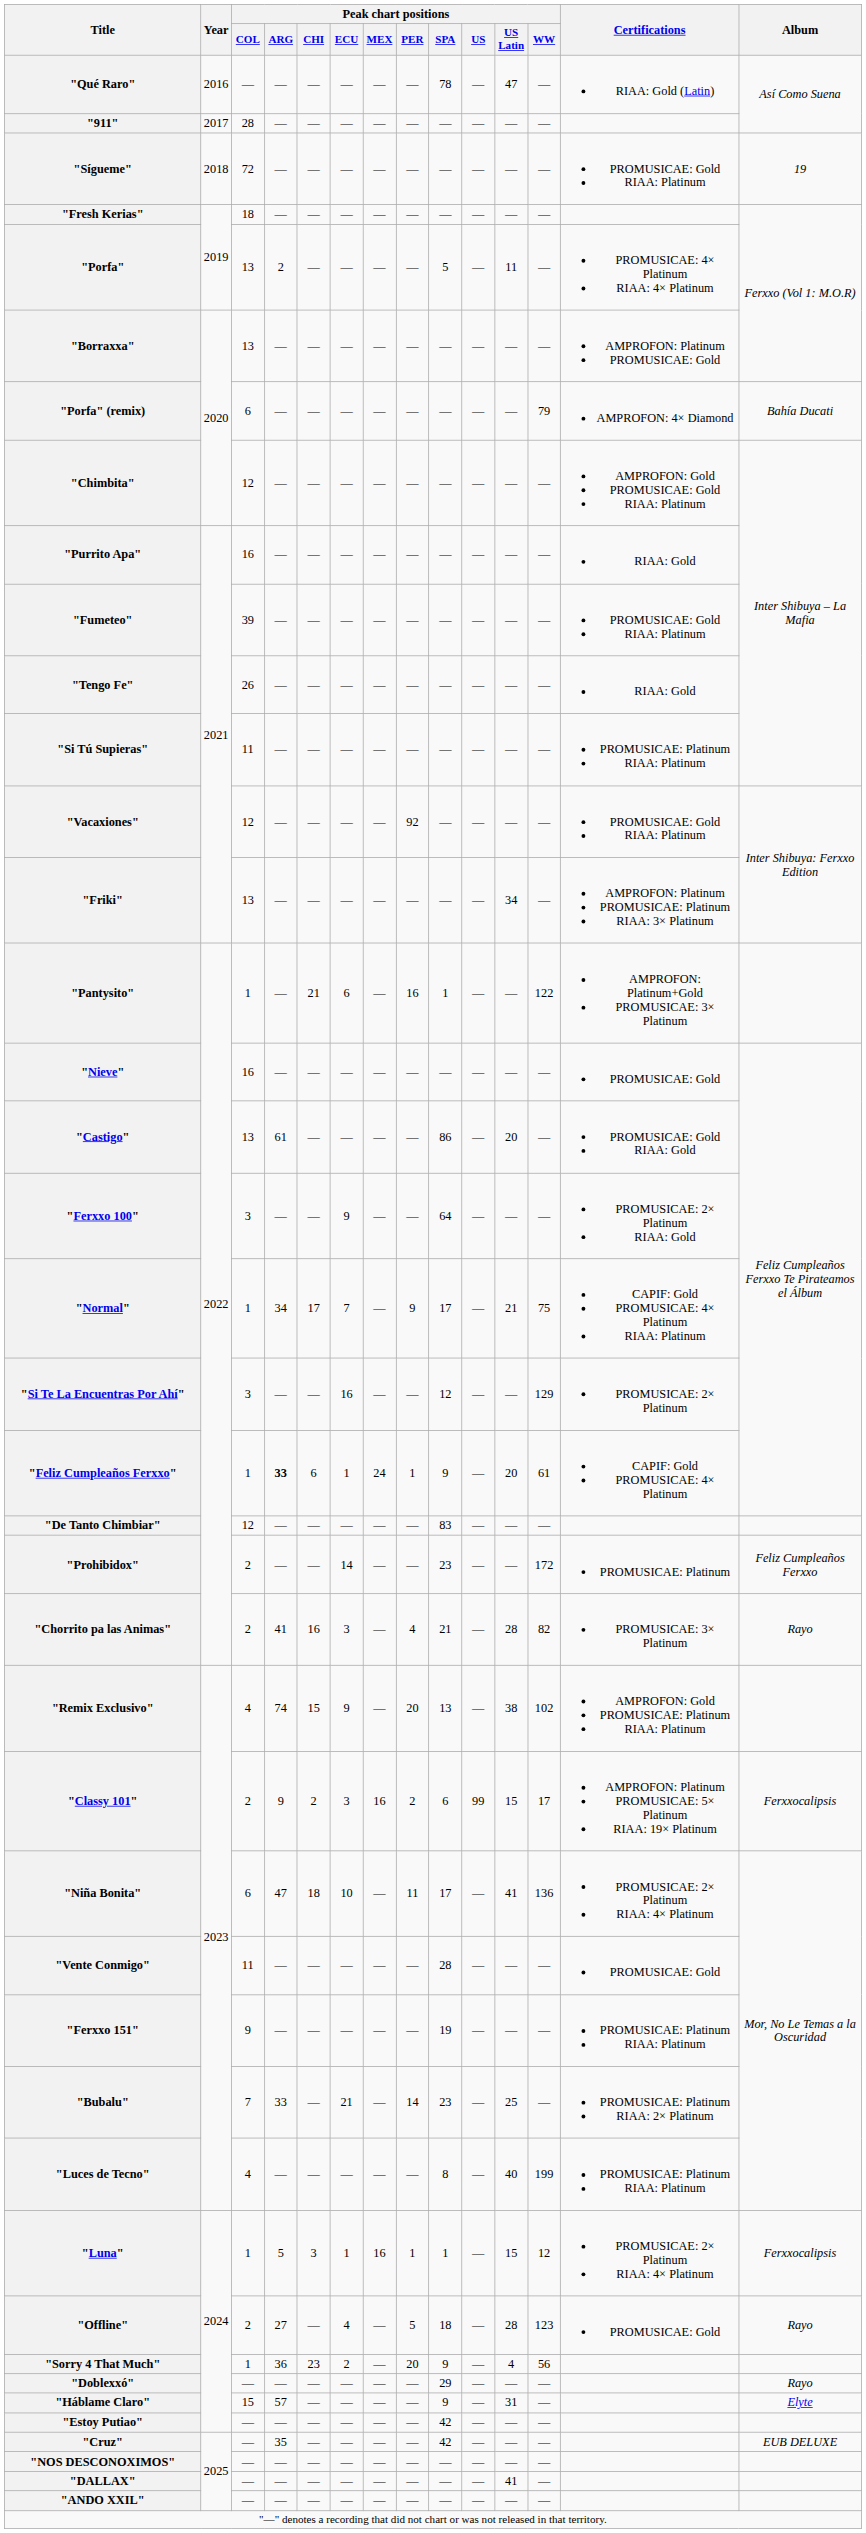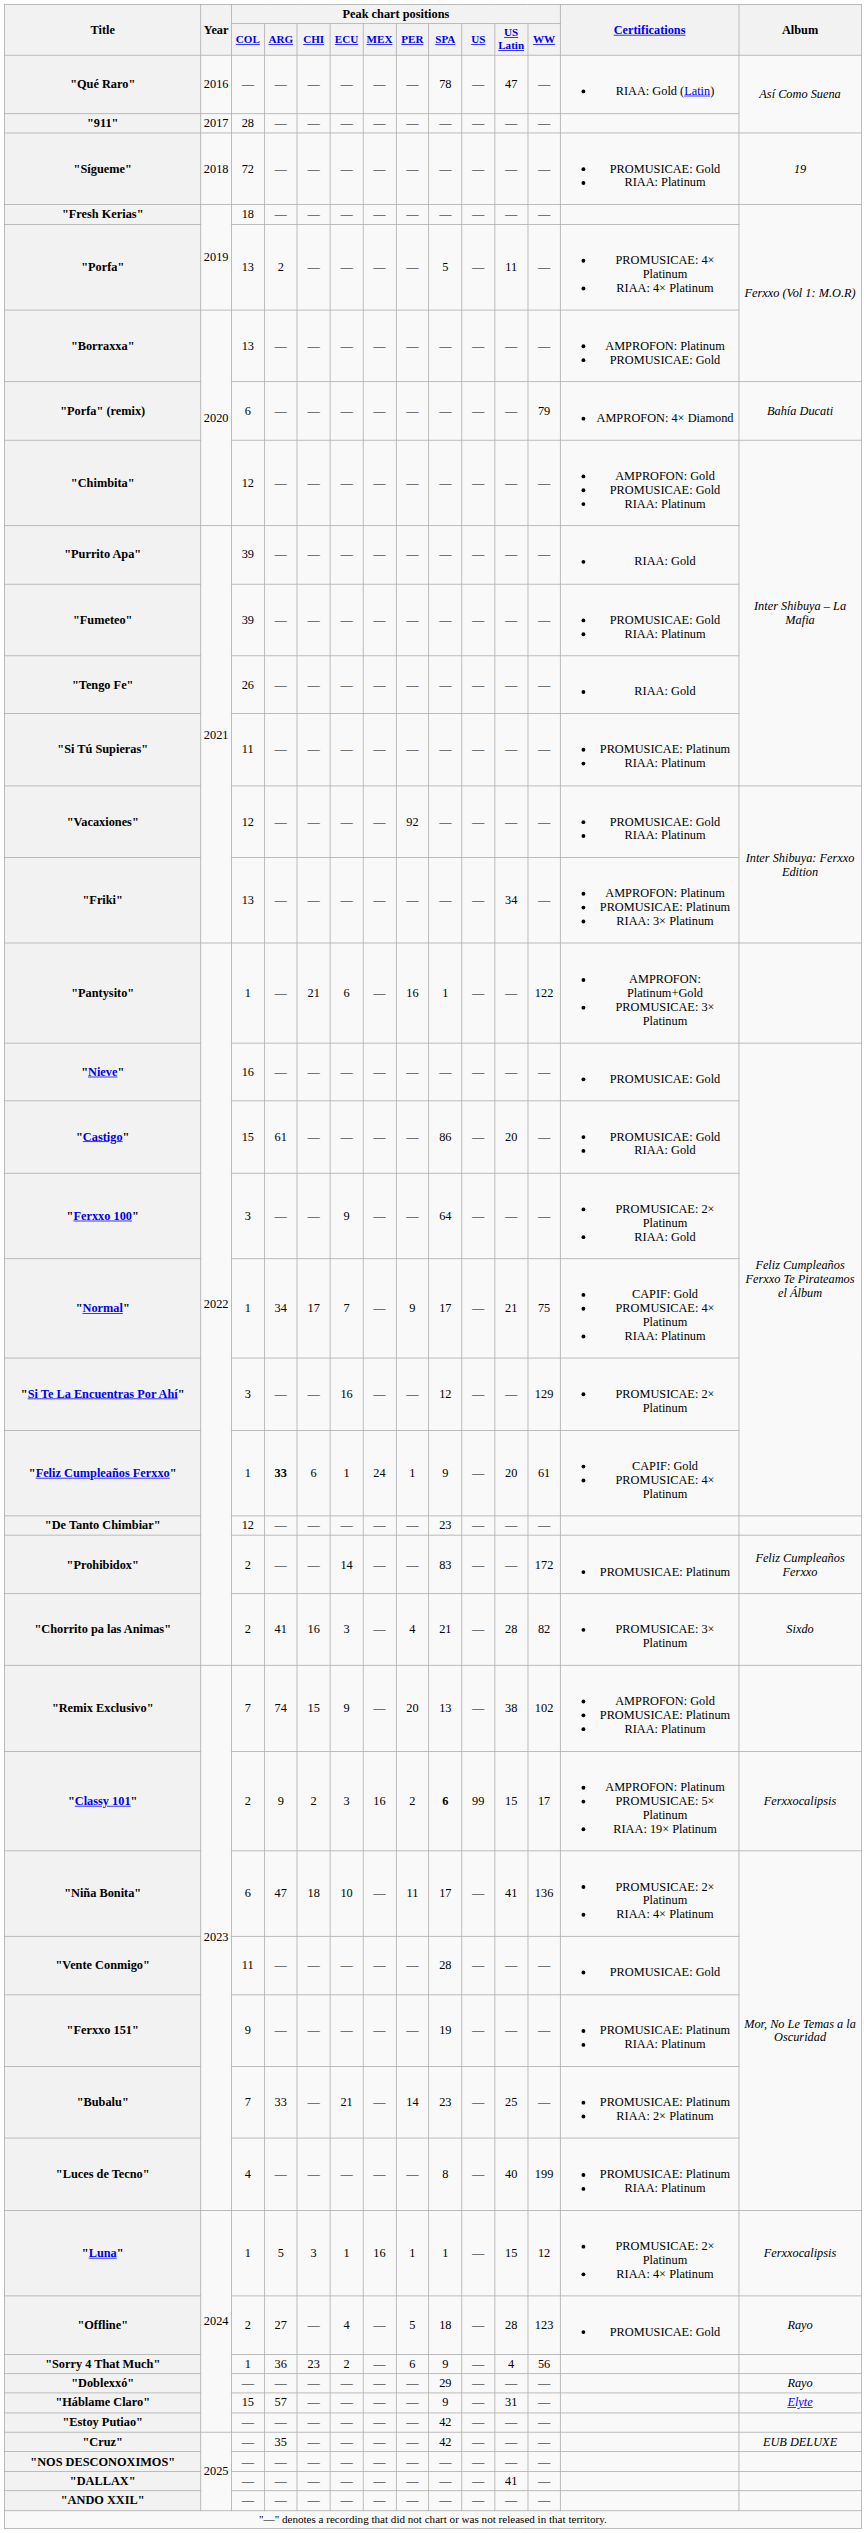 <table class="wikitable plainrowheaders" style="text-align:center;">
 <tr>
 <th scope="col" rowspan="2" style="width:15.5em;">Title</th>
 <th scope="col" rowspan="2" style="width:1em;">Year</th>
 <th scope="col" colspan="10">Peak chart positions</th>
 <th scope="col" rowspan="2" style="width:14em;"><a href='#'>Certifications</a></th>
 <th scope="col" rowspan="2" style="width:9.5em;">Album</th>
 </tr>
 <tr>
 <th scope="col" style="width:2.5em;font-size:90%;"><a href='#'>COL</a><br></th>
 <th scope="col" style="width:2.5em;font-size:90%;"><a href='#'>ARG</a><br></th>
 <th scope="col" style="width:2.5em;font-size:90%;"><a href='#'>CHI</a><br></th>
 <th scope="col" style="width:2.5em;font-size:90%;"><a href='#'>ECU</a><br></th>
 <th scope="col" style="width:2.5em;font-size:90%;"><a href='#'>MEX</a><br></th>
 <th scope="col" style="width:2.5em;font-size:90%;"><a href='#'>PER</a><br></th>
 <th scope="col" style="width:2.5em;font-size:90%;"><a href='#'>SPA</a><br></th>
 <th scope="col" style="width:2.5em;font-size:90%;"><a href='#'>US</a><br></th>
 <th scope="col" style="width:2.5em;font-size:90%;"><a href='#'>US<br>Latin</a><br></th>
 <th scope="col" style="width:2.5em;font-size:90%;"><a href='#'>WW</a><br></th>
 </tr>
 <tr>
 <th scope="row">"Qué Raro"<br></th>
 <td>2016</td>
 <td>—</td>
 <td>—</td>
 <td>—</td>
 <td>—</td>
 <td>—</td>
 <td>—</td>
 <td>78</td>
 <td>—</td>
 <td>47</td>
 <td>—</td>
 <td><br><ul><li>RIAA: Gold <span>(<a href='#'>Latin</a>)</span></li></ul></td>
 <td rowspan=2><em>Así Como Suena</em></td>
 </tr>
 <tr>
 <th scope="row">"911"<br></th>
 <td>2017</td>
 <td>28</td>
 <td>—</td>
 <td>—</td>
 <td>—</td>
 <td>—</td>
 <td>—</td>
 <td>—</td>
 <td>—</td>
 <td>—</td>
 <td>—</td>
 <td></td>
 </tr>
 <tr>
 <th scope="row">"Sígueme"<br></th>
 <td>2018</td>
 <td>72</td>
 <td>—</td>
 <td>—</td>
 <td>—</td>
 <td>—</td>
 <td>—</td>
 <td>—</td>
 <td>—</td>
 <td>—</td>
 <td>—</td>
 <td><br><ul><li>PROMUSICAE: Gold</li><li>RIAA: Platinum </li></ul></td>
 <td><em>19</em></td>
 </tr>
 <tr>
 <th scope="row">"Fresh Kerias"<br></th>
 <td rowspan="2">2019</td>
 <td>18</td>
 <td>—</td>
 <td>—</td>
 <td>—</td>
 <td>—</td>
 <td>—</td>
 <td>—</td>
 <td>—</td>
 <td>—</td>
 <td>—</td>
 <td></td>
 <td rowspan="3"><em>Ferxxo (Vol 1: M.O.R)</em></td>
 </tr>
 <tr>
 <th scope="row">"Porfa"<br></th>
 <td>13</td>
 <td>2</td>
 <td>—</td>
 <td>—</td>
 <td>—</td>
 <td>—</td>
 <td>5</td>
 <td>—</td>
 <td>11</td>
 <td>—</td>
 <td><br><ul><li>PROMUSICAE: 4× Platinum</li><li>RIAA: 4× Platinum </li></ul></td>
 </tr>
 <tr>
 <th scope="row">"Borraxxa"<br></th>
 <td rowspan="3">2020</td>
 <td>13</td>
 <td>—</td>
 <td>—</td>
 <td>—</td>
 <td>—</td>
 <td>—</td>
 <td>—</td>
 <td>—</td>
 <td>—</td>
 <td>—</td>
 <td><br><ul><li>AMPROFON: Platinum</li><li>PROMUSICAE: Gold</li></ul></td>
 </tr>
 <tr>
 <th scope="row">"Porfa" (remix)<br></th>
 <td>6</td>
 <td>—</td>
 <td>—</td>
 <td>—</td>
 <td>—</td>
 <td>—</td>
 <td>—</td>
 <td>—</td>
 <td>—</td>
 <td>79</td>
 <td><br><ul><li>AMPROFON: 4× Diamond</li></ul></td>
 <td><em>Bahía Ducati</em></td>
 </tr>
 <tr>
 <th scope="row">"Chimbita"<br></th>
 <td>12</td>
 <td>—</td>
 <td>—</td>
 <td>—</td>
 <td>—</td>
 <td>—</td>
 <td>—</td>
 <td>—</td>
 <td>—</td>
 <td>—</td>
 <td><br><ul><li>AMPROFON: Gold</li><li>PROMUSICAE: Gold</li><li>RIAA: Platinum </li></ul></td>
 <td rowspan="5"><em>Inter Shibuya – La Mafia</em></td>
 </tr>
 <tr>
 <th scope="row">"Purrito Apa"<br></th>
 <td rowspan="6">2021</td>
-<td>16</td>
+<td>39</td>
 <td>—</td>
 <td>—</td>
 <td>—</td>
 <td>—</td>
 <td>—</td>
 <td>—</td>
 <td>—</td>
 <td>—</td>
 <td>—</td>
 <td><br><ul><li>RIAA: Gold </li></ul></td>
 </tr>
 <tr>
 <th scope="row">"Fumeteo"</th>
 <td>39</td>
 <td>—</td>
 <td>—</td>
 <td>—</td>
 <td>—</td>
 <td>—</td>
 <td>—</td>
 <td>—</td>
 <td>—</td>
 <td>—</td>
 <td><br><ul><li>PROMUSICAE: Gold</li><li>RIAA: Platinum </li></ul></td>
 </tr>
 <tr>
 <th scope="row">"Tengo Fe"</th>
 <td>26</td>
 <td>—</td>
 <td>—</td>
 <td>—</td>
 <td>—</td>
 <td>—</td>
 <td>—</td>
 <td>—</td>
 <td>—</td>
 <td>—</td>
 <td><br><ul><li>RIAA: Gold </li></ul></td>
 </tr>
 <tr>
 <th scope="row">"Si Tú Supieras"</th>
 <td>11</td>
 <td>—</td>
 <td>—</td>
 <td>—</td>
 <td>—</td>
 <td>—</td>
 <td>—</td>
 <td>—</td>
 <td>—</td>
 <td>—</td>
 <td><br><ul><li>PROMUSICAE: Platinum</li><li>RIAA: Platinum </li></ul></td>
 </tr>
 <tr>
 <th scope="row">"Vacaxiones"</th>
 <td>12</td>
 <td>—</td>
 <td>—</td>
 <td>—</td>
 <td>—</td>
 <td>92</td>
 <td>—</td>
 <td>—</td>
 <td>—</td>
 <td>—</td>
 <td><br><ul><li>PROMUSICAE: Gold</li><li>RIAA: Platinum </li></ul></td>
 <td rowspan="2"><em>Inter Shibuya: Ferxxo Edition</em></td>
 </tr>
 <tr>
 <th scope="row">"Friki"<br></th>
 <td>13</td>
 <td>—</td>
 <td>—</td>
 <td>—</td>
 <td>—</td>
 <td>—</td>
 <td>—</td>
 <td>—</td>
 <td>34</td>
 <td>—</td>
 <td><br><ul><li>AMPROFON: Platinum</li><li>PROMUSICAE: Platinum</li><li>RIAA: 3× Platinum </li></ul></td>
 </tr>
 <tr>
 <th scope="row">"Pantysito"<br></th>
 <td rowspan="10">2022</td>
 <td>1</td>
 <td>—</td>
 <td>21</td>
 <td>6</td>
 <td>—</td>
 <td>16</td>
 <td>1</td>
 <td>—</td>
 <td>—</td>
 <td>122</td>
 <td><br><ul><li>AMPROFON: Platinum+Gold</li><li>PROMUSICAE: 3× Platinum</li></ul></td>
 <td></td>
 </tr>
 <tr>
 <th scope="row">"<a href='#'>Nieve</a>"</th>
 <td>16</td>
 <td>—</td>
 <td>—</td>
 <td>—</td>
 <td>—</td>
 <td>—</td>
 <td>—</td>
 <td>—</td>
 <td>—</td>
 <td>—</td>
 <td><br><ul><li>PROMUSICAE: Gold</li></ul></td>
 <td rowspan="6"><em>Feliz Cumpleaños Ferxxo Te Pirateamos el Álbum</em></td>
 </tr>
 <tr>
 <th scope="row">"<a href='#'>Castigo</a>"</th>
-<td>13</td>
+<td>15</td>
 <td>61</td>
 <td>—</td>
 <td>—</td>
 <td>—</td>
 <td>—</td>
 <td>86</td>
 <td>—</td>
 <td>20</td>
 <td>—</td>
 <td><br><ul><li>PROMUSICAE: Gold</li><li>RIAA: Gold </li></ul></td>
 </tr>
 <tr>
 <th scope="row">"<a href='#'>Ferxxo 100</a>"</th>
 <td>3</td>
 <td>—</td>
 <td>—</td>
 <td>9</td>
 <td>—</td>
 <td>—</td>
 <td>64</td>
 <td>—</td>
 <td>—</td>
 <td>—</td>
 <td><br><ul><li>PROMUSICAE: 2× Platinum</li><li>RIAA: Gold </li></ul></td>
 </tr>
 <tr>
 <th scope="row">"<a href='#'>Normal</a>"</th>
 <td>1</td>
 <td>34</td>
 <td>17</td>
 <td>7</td>
 <td>—</td>
 <td>9</td>
 <td>17</td>
 <td>—</td>
 <td>21</td>
 <td>75</td>
 <td><br><ul><li>CAPIF: Gold</li><li>PROMUSICAE: 4× Platinum</li><li>RIAA: Platinum </li></ul></td>
 </tr>
 <tr>
 <th scope="row">"<a href='#'>Si Te La Encuentras Por Ahí</a>"</th>
 <td>3</td>
 <td>—</td>
 <td>—</td>
 <td>16</td>
 <td>—</td>
 <td>—</td>
 <td>12</td>
 <td>—</td>
 <td>—</td>
 <td>129</td>
 <td><br><ul><li>PROMUSICAE: 2× Platinum</li></ul></td>
 </tr>
 <tr>
 <th scope="row">"<a href='#'>Feliz Cumpleaños Ferxxo</a>"</th>
 <td>1</td>
 <td><strong>33</strong></td>
 <td>6</td>
 <td>1</td>
 <td>24</td>
 <td>1</td>
 <td>9</td>
 <td>—</td>
 <td>20</td>
 <td>61</td>
 <td><br><ul><li>CAPIF: Gold</li><li>PROMUSICAE: 4× Platinum</li></ul></td>
 </tr>
 <tr>
 <th scope="row">"De Tanto Chimbiar"<br></th>
 <td>12</td>
 <td>—</td>
 <td>—</td>
 <td>—</td>
 <td>—</td>
 <td>—</td>
-<td>83</td>
+<td>23</td>
 <td>—</td>
 <td>—</td>
 <td>—</td>
 <td></td>
 <td></td>
 </tr>
 <tr>
 <th scope="row">"Prohibidox"</th>
 <td>2</td>
 <td>—</td>
 <td>—</td>
 <td>14</td>
 <td>—</td>
 <td>—</td>
-<td>23</td>
+<td>83</td>
 <td>—</td>
 <td>—</td>
 <td>172</td>
 <td><br><ul><li>PROMUSICAE: Platinum</li></ul></td>
 <td><em>Feliz Cumpleaños Ferxxo</em></td>
 </tr>
 <tr>
 <th scope="row">"Chorrito pa las Animas"</th>
 <td>2</td>
 <td>41</td>
 <td>16</td>
 <td>3</td>
 <td>—</td>
 <td>4</td>
 <td>21</td>
 <td>—</td>
 <td>28</td>
 <td>82</td>
 <td><br><ul><li>PROMUSICAE: 3× Platinum</li></ul></td>
-<td><em>Rayo</em></td>
+<td><em>Sixdo</em></td>
 </tr>
 <tr>
 <th scope="row">"Remix Exclusivo"</th>
 <td rowspan="7">2023</td>
-<td>4</td>
+<td>7</td>
 <td>74</td>
 <td>15</td>
 <td>9</td>
 <td>—</td>
 <td>20</td>
 <td>13</td>
 <td>—</td>
 <td>38</td>
 <td>102</td>
 <td><br><ul><li>AMPROFON: Gold</li><li>PROMUSICAE: Platinum</li><li>RIAA: Platinum </li></ul></td>
 <td></td>
 </tr>
 <tr>
 <th scope="row">"<a href='#'>Classy 101</a>"<br></th>
 <td>2</td>
 <td>9</td>
 <td>2</td>
 <td>3</td>
 <td>16</td>
 <td>2</td>
-<td>6</td>
+<td><strong>6</strong></td>
 <td>99</td>
 <td>15</td>
 <td>17</td>
 <td><br><ul><li>AMPROFON: Platinum</li><li>PROMUSICAE: 5× Platinum</li><li>RIAA: 19× Platinum </li></ul></td>
 <td><em>Ferxxocalipsis</em></td>
 </tr>
 <tr>
 <th scope="row">"Niña Bonita"<br></th>
 <td>6</td>
 <td>47</td>
 <td>18</td>
 <td>10</td>
 <td>—</td>
 <td>11</td>
 <td>17</td>
 <td>—</td>
 <td>41</td>
 <td>136</td>
 <td><br><ul><li>PROMUSICAE: 2× Platinum</li><li>RIAA: 4× Platinum </li></ul></td>
 <td rowspan="5"><em>Mor, No Le Temas a la Oscuridad</em></td>
 </tr>
 <tr>
 <th scope="row">"Vente Conmigo"</th>
 <td>11</td>
 <td>—</td>
 <td>—</td>
 <td>—</td>
 <td>—</td>
 <td>—</td>
 <td>28</td>
 <td>—</td>
 <td>—</td>
 <td>—</td>
 <td><br><ul><li>PROMUSICAE: Gold</li></ul></td>
 </tr>
 <tr>
 <th scope="row">"Ferxxo 151"<br></th>
 <td>9</td>
 <td>—</td>
 <td>—</td>
 <td>—</td>
 <td>—</td>
 <td>—</td>
 <td>19</td>
 <td>—</td>
 <td>—</td>
 <td>—</td>
 <td><br><ul><li>PROMUSICAE: Platinum</li><li>RIAA: Platinum </li></ul></td>
 </tr>
 <tr>
 <th scope="row">"Bubalu"<br></th>
 <td>7</td>
 <td>33</td>
 <td>—</td>
 <td>21</td>
 <td>—</td>
 <td>14</td>
 <td>23</td>
 <td>—</td>
 <td>25</td>
 <td>—</td>
 <td><br><ul><li>PROMUSICAE: Platinum</li><li>RIAA: 2× Platinum </li></ul></td>
 </tr>
 <tr>
 <th scope="row">"Luces de Tecno"</th>
 <td>4</td>
 <td>—</td>
 <td>—</td>
 <td>—</td>
 <td>—</td>
 <td>—</td>
 <td>8</td>
 <td>—</td>
 <td>40</td>
 <td>199</td>
 <td><br><ul><li>PROMUSICAE: Platinum</li><li>RIAA: Platinum </li></ul></td>
 </tr>
 <tr>
 <th scope="row">"<a href='#'>Luna</a>"<br></th>
 <td rowspan="6">2024</td>
 <td>1</td>
 <td>5</td>
 <td>3</td>
 <td>1</td>
 <td>16</td>
 <td>1</td>
 <td>1</td>
 <td>—</td>
 <td>15</td>
 <td>12</td>
 <td><br><ul><li>PROMUSICAE: 2× Platinum</li><li>RIAA: 4× Platinum </li></ul></td>
 <td><em>Ferxxocalipsis</em></td>
 </tr>
 <tr>
 <th scope="row">"Offline"<br></th>
 <td>2</td>
 <td>27</td>
 <td>—</td>
 <td>4</td>
 <td>—</td>
 <td>5</td>
 <td>18</td>
 <td>—</td>
 <td>28</td>
 <td>123</td>
 <td><br><ul><li>PROMUSICAE: Gold</li></ul></td>
 <td><em>Rayo</em></td>
 </tr>
 <tr>
 <th scope="row">"Sorry 4 That Much"</th>
 <td>1</td>
 <td>36</td>
 <td>23</td>
 <td>2</td>
 <td>—</td>
-<td>20</td>
+<td>6</td>
 <td>9</td>
 <td>—</td>
 <td>4</td>
 <td>56</td>
 <td></td>
 <td></td>
 </tr>
 <tr>
 <th scope="row">"Doblexxó"<br></th>
 <td>—</td>
 <td>—</td>
 <td>—</td>
 <td>—</td>
 <td>—</td>
 <td>—</td>
 <td>29</td>
 <td>—</td>
 <td>—</td>
 <td>—</td>
 <td></td>
 <td><em>Rayo</em></td>
 </tr>
 <tr>
 <th scope="row">"Háblame Claro"<br></th>
 <td>15</td>
 <td>57</td>
 <td>—</td>
 <td>—</td>
 <td>—</td>
 <td>—</td>
 <td>9</td>
 <td>—</td>
 <td>31</td>
 <td>—</td>
 <td></td>
 <td><em><a href='#'>Elyte</a></em></td>
 </tr>
 <tr>
 <th scope="row">"Estoy Putiao"<br></th>
 <td>—</td>
 <td>—</td>
 <td>—</td>
 <td>—</td>
 <td>—</td>
 <td>—</td>
 <td>42</td>
 <td>—</td>
 <td>—</td>
 <td>—</td>
 <td></td>
 <td></td>
 </tr>
 <tr>
 <th scope="row">"Cruz"<br></th>
 <td rowspan="4">2025</td>
 <td>—</td>
 <td>35</td>
 <td>—</td>
 <td>—</td>
 <td>—</td>
 <td>—</td>
 <td>42</td>
 <td>—</td>
 <td>—</td>
 <td>—</td>
 <td></td>
 <td><em>EUB DELUXE</em></td>
 </tr>
 <tr>
 <th scope="row">"NOS DESCONOXIMOS"</th>
 <td>—</td>
 <td>—</td>
 <td>—</td>
 <td>—</td>
 <td>—</td>
 <td>—</td>
 <td>—</td>
 <td>—</td>
 <td>—</td>
 <td>—</td>
 <td></td>
 <td></td>
 </tr>
 <tr>
 <th scope="row">"DALLAX"<br></th>
 <td>—</td>
 <td>—</td>
 <td>—</td>
 <td>—</td>
 <td>—</td>
 <td>—</td>
 <td>—</td>
 <td>—</td>
 <td>41</td>
 <td>—</td>
 <td></td>
 <td></td>
 </tr>
 <tr>
 <th scope="row">"ANDO XXIL"</th>
 <td>—</td>
 <td>—</td>
 <td>—</td>
 <td>—</td>
 <td>—</td>
 <td>—</td>
 <td>—</td>
 <td>—</td>
 <td>—</td>
 <td>—</td>
 <td></td>
 <td></td>
 </tr>
 <tr>
 <td colspan="16" style="font-size:90%">"—" denotes a recording that did not chart or was not released in that territory.</td>
 </tr>
 </table>
